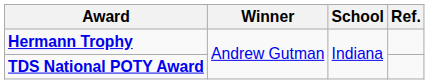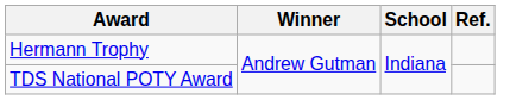 <table class="wikitable">
 <tr>
 <th>Award</th>
 <th>Winner</th>
 <th>School</th>
 <th>Ref.</th>
 </tr>
 <tr>
-<td><strong><a href='#'>Hermann Trophy</a></strong></td>
+<td><a href='#'>Hermann Trophy</a></td>
 <td rowspan="2"><a href='#'>Andrew Gutman</a></td>
 <td rowspan="2"><a href='#'>Indiana</a></td>
 <td></td>
 </tr>
 <tr>
-<td><strong><a href='#'>TDS National POTY Award</a></strong></td>
+<td><a href='#'>TDS National POTY Award</a></td>
 <td></td>
 </tr>
 </table>
